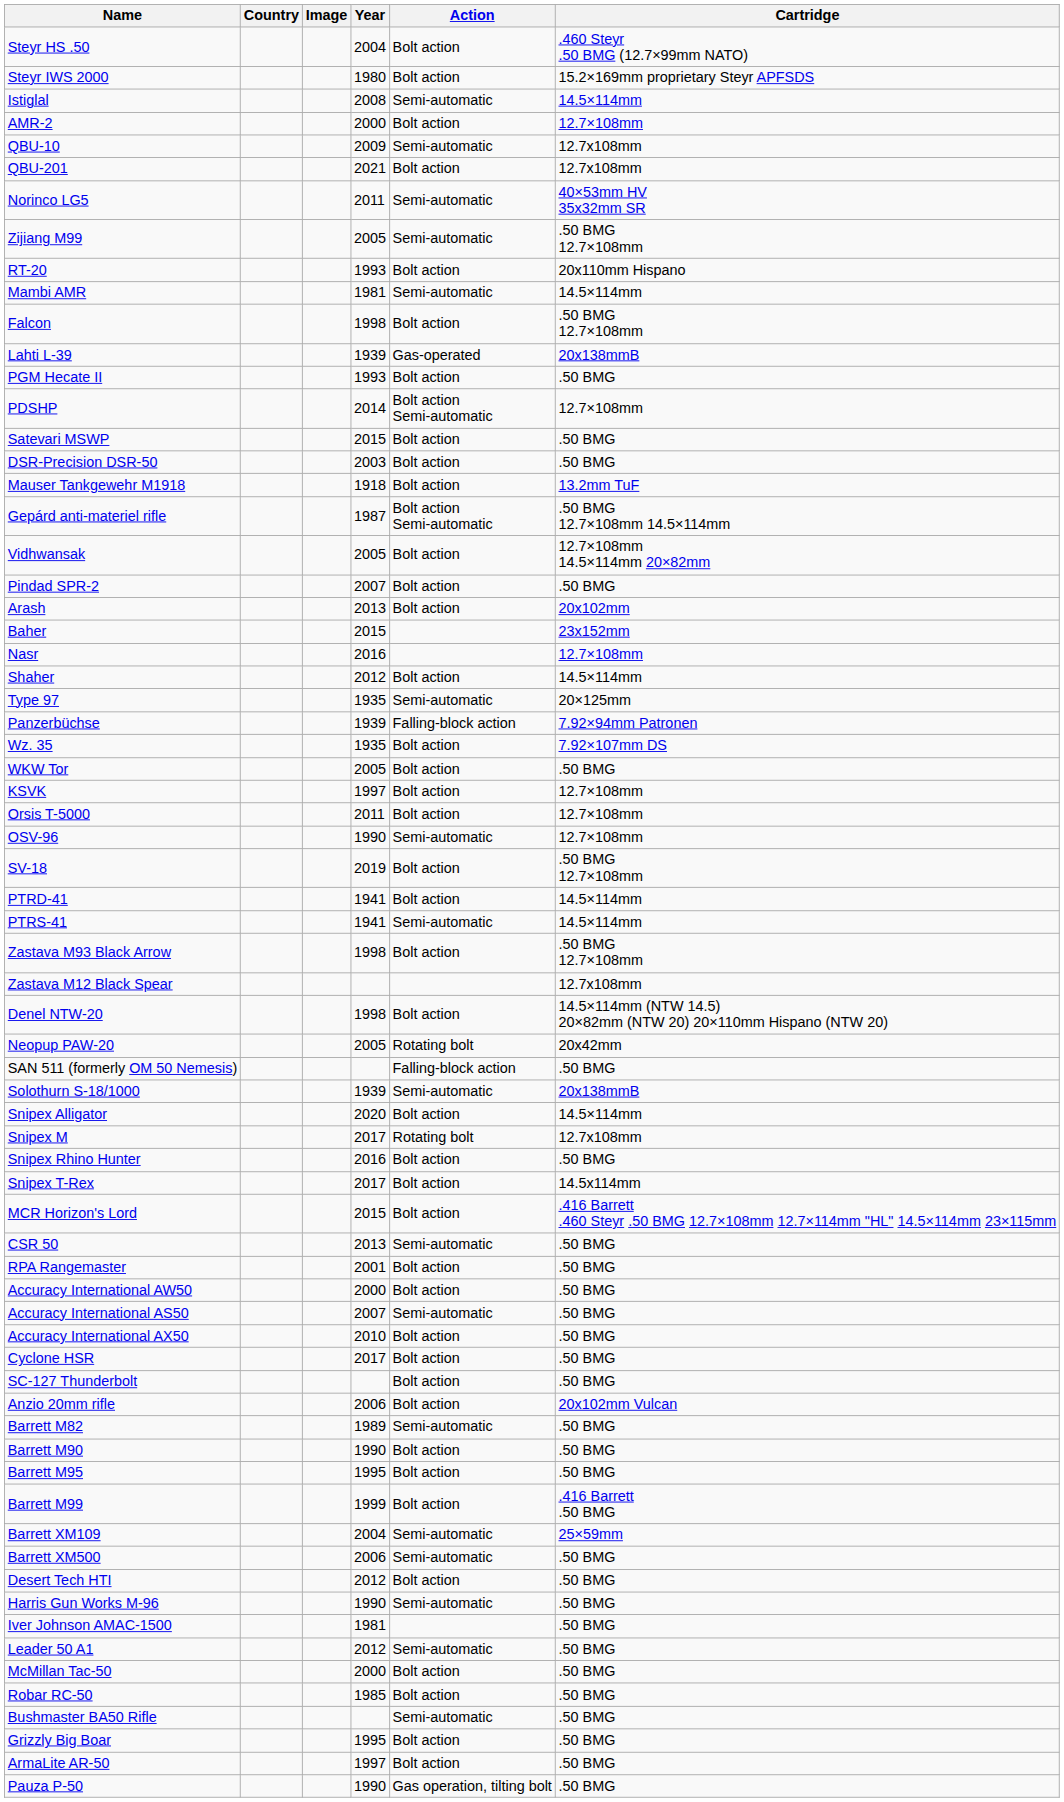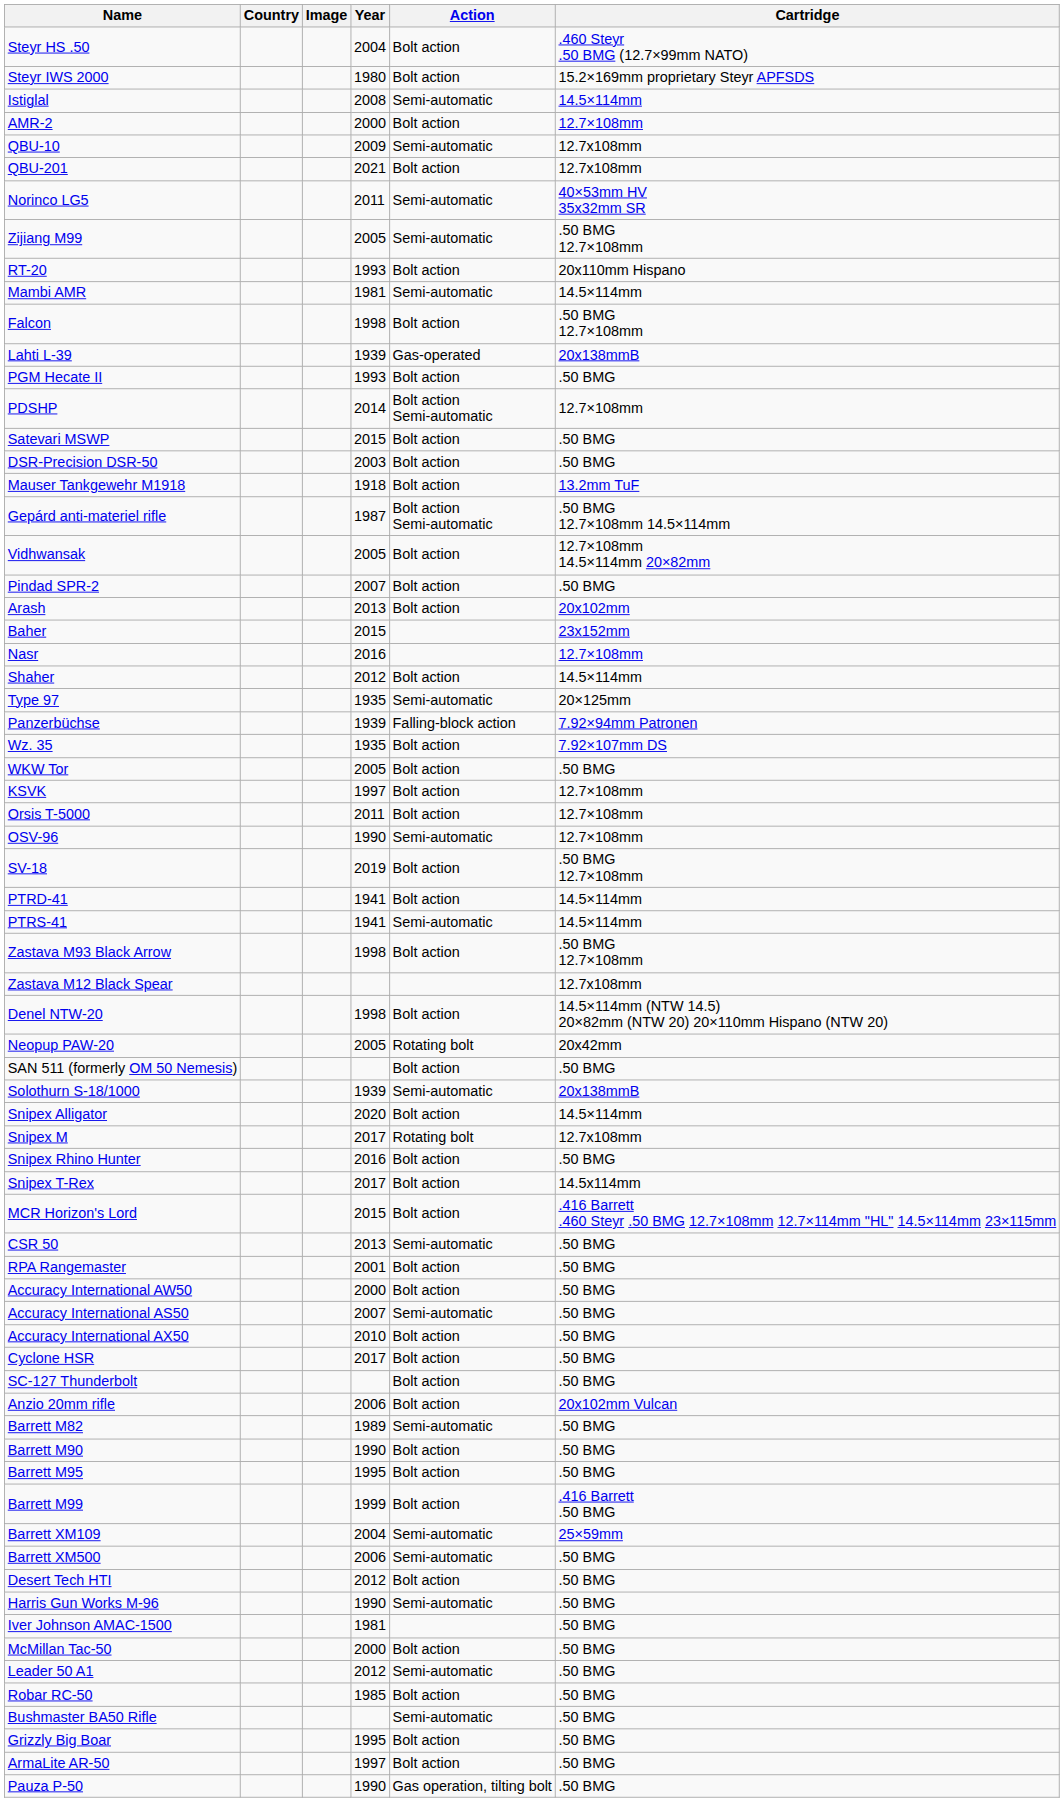 <table class="wikitable sortable">
 <tr>
 <th>Name</th>
 <th>Country</th>
 <th>Image</th>
 <th>Year</th>
 <th><a href='#'>Action</a></th>
 <th>Cartridge</th>
 </tr>
 <tr>
 <td><a href='#'>Steyr HS .50</a></td>
 <td></td>
 <td></td>
 <td>2004</td>
 <td>Bolt action</td>
 <td><a href='#'>.460 Steyr</a><br><a href='#'>.50 BMG</a> (12.7×99mm NATO)</td>
 </tr>
 <tr>
 <td><a href='#'>Steyr IWS 2000</a></td>
 <td></td>
 <td></td>
 <td>1980</td>
 <td>Bolt action</td>
 <td>15.2×169mm proprietary Steyr <a href='#'>APFSDS</a></td>
 </tr>
 <tr>
 <td><a href='#'>Istiglal</a></td>
 <td></td>
 <td></td>
 <td>2008</td>
 <td>Semi-automatic</td>
 <td><a href='#'>14.5×114mm</a></td>
 </tr>
 <tr>
 <td><a href='#'>AMR-2</a></td>
 <td></td>
 <td></td>
 <td>2000</td>
 <td>Bolt action</td>
 <td><a href='#'>12.7×108mm</a></td>
 </tr>
 <tr>
 <td><a href='#'>QBU-10</a></td>
 <td></td>
 <td></td>
 <td>2009</td>
 <td>Semi-automatic</td>
 <td>12.7x108mm</td>
 </tr>
 <tr>
 <td><a href='#'>QBU-201</a></td>
 <td></td>
 <td></td>
 <td>2021</td>
 <td>Bolt action</td>
 <td>12.7x108mm</td>
 </tr>
 <tr>
 <td><a href='#'>Norinco LG5</a></td>
 <td></td>
 <td></td>
 <td>2011</td>
 <td>Semi-automatic</td>
 <td><a href='#'>40×53mm HV</a><br><a href='#'>35x32mm SR</a></td>
 </tr>
 <tr>
 <td><a href='#'>Zijiang M99</a></td>
 <td></td>
 <td></td>
 <td>2005</td>
 <td>Semi-automatic</td>
 <td>.50 BMG<br>12.7×108mm</td>
 </tr>
 <tr>
 <td><a href='#'>RT-20</a></td>
 <td></td>
 <td></td>
 <td>1993</td>
 <td>Bolt action</td>
 <td>20x110mm Hispano</td>
 </tr>
 <tr>
 <td><a href='#'>Mambi AMR</a></td>
 <td></td>
 <td></td>
 <td>1981</td>
 <td>Semi-automatic</td>
 <td>14.5×114mm</td>
 </tr>
 <tr>
 <td><a href='#'>Falcon</a></td>
 <td></td>
 <td></td>
 <td>1998</td>
 <td>Bolt action</td>
 <td>.50 BMG<br>12.7×108mm</td>
 </tr>
 <tr>
 <td><a href='#'>Lahti L-39</a></td>
 <td></td>
 <td></td>
 <td>1939</td>
 <td>Gas-operated</td>
 <td><a href='#'>20x138mmB</a></td>
 </tr>
 <tr>
 <td><a href='#'>PGM Hecate II</a></td>
 <td></td>
 <td></td>
 <td>1993</td>
 <td>Bolt action</td>
 <td>.50 BMG</td>
 </tr>
 <tr>
 <td><a href='#'>PDSHP</a></td>
 <td></td>
 <td></td>
 <td>2014</td>
 <td>Bolt action<br>Semi-automatic</td>
 <td>12.7×108mm</td>
 </tr>
 <tr>
 <td><a href='#'>Satevari MSWP</a></td>
 <td></td>
 <td></td>
 <td>2015</td>
 <td>Bolt action</td>
 <td>.50 BMG</td>
 </tr>
 <tr>
 <td><a href='#'>DSR-Precision DSR-50</a></td>
 <td></td>
 <td></td>
 <td>2003</td>
 <td>Bolt action</td>
 <td>.50 BMG</td>
 </tr>
 <tr>
 <td><a href='#'>Mauser Tankgewehr M1918</a></td>
 <td></td>
 <td></td>
 <td>1918</td>
 <td>Bolt action</td>
 <td><a href='#'>13.2mm TuF</a></td>
 </tr>
 <tr>
 <td><a href='#'>Gepárd anti-materiel rifle</a></td>
 <td></td>
 <td></td>
 <td>1987</td>
 <td>Bolt action<br>Semi-automatic</td>
 <td>.50 BMG<br>12.7×108mm 14.5×114mm</td>
 </tr>
 <tr>
 <td><a href='#'>Vidhwansak</a></td>
 <td></td>
 <td></td>
 <td>2005</td>
 <td>Bolt action</td>
 <td>12.7×108mm<br>14.5×114mm <a href='#'>20×82mm</a></td>
 </tr>
 <tr>
 <td><a href='#'>Pindad SPR-2</a></td>
 <td></td>
 <td></td>
 <td>2007</td>
 <td>Bolt action</td>
 <td>.50 BMG</td>
 </tr>
 <tr>
 <td><a href='#'>Arash</a></td>
 <td></td>
 <td></td>
 <td>2013</td>
 <td>Bolt action</td>
 <td><a href='#'>20x102mm</a></td>
 </tr>
 <tr>
 <td><a href='#'>Baher</a></td>
 <td></td>
 <td></td>
 <td>2015</td>
 <td></td>
 <td><a href='#'>23x152mm</a></td>
 </tr>
 <tr>
 <td><a href='#'>Nasr</a></td>
 <td></td>
 <td></td>
 <td>2016</td>
 <td></td>
 <td><a href='#'>12.7×108mm</a></td>
 </tr>
 <tr>
 <td><a href='#'>Shaher</a></td>
 <td></td>
 <td></td>
 <td>2012</td>
 <td>Bolt action</td>
 <td>14.5×114mm</td>
 </tr>
 <tr>
 <td><a href='#'>Type 97</a></td>
 <td></td>
 <td></td>
 <td>1935</td>
 <td>Semi-automatic</td>
 <td>20×125mm</td>
 </tr>
 <tr>
 <td><a href='#'>Panzerbüchse</a></td>
 <td></td>
 <td></td>
 <td>1939</td>
 <td>Falling-block action</td>
 <td><a href='#'>7.92×94mm Patronen</a></td>
 </tr>
 <tr>
 <td><a href='#'>Wz. 35</a></td>
 <td></td>
 <td></td>
 <td>1935</td>
 <td>Bolt action</td>
 <td><a href='#'>7.92×107mm DS</a></td>
 </tr>
 <tr>
 <td><a href='#'>WKW Tor</a></td>
 <td></td>
 <td></td>
 <td>2005</td>
 <td>Bolt action</td>
 <td>.50 BMG</td>
 </tr>
 <tr>
 <td><a href='#'>KSVK</a></td>
 <td></td>
 <td></td>
 <td>1997</td>
 <td>Bolt action</td>
 <td>12.7×108mm</td>
 </tr>
 <tr>
 <td><a href='#'>Orsis T-5000</a></td>
 <td></td>
 <td></td>
 <td>2011</td>
 <td>Bolt action</td>
 <td>12.7×108mm</td>
 </tr>
 <tr>
 <td><a href='#'>OSV-96</a></td>
 <td></td>
 <td></td>
 <td>1990</td>
 <td>Semi-automatic</td>
 <td>12.7×108mm</td>
 </tr>
 <tr>
 <td><a href='#'>SV-18</a></td>
 <td></td>
 <td></td>
 <td>2019</td>
 <td>Bolt action</td>
 <td>.50 BMG<br>12.7×108mm</td>
 </tr>
 <tr>
 <td><a href='#'>PTRD-41</a></td>
 <td></td>
 <td></td>
 <td>1941</td>
 <td>Bolt action</td>
 <td>14.5×114mm</td>
 </tr>
 <tr>
 <td><a href='#'>PTRS-41</a></td>
 <td></td>
 <td></td>
 <td>1941</td>
 <td>Semi-automatic</td>
 <td>14.5×114mm</td>
 </tr>
 <tr>
 <td><a href='#'>Zastava M93 Black Arrow</a></td>
 <td></td>
 <td></td>
 <td>1998</td>
 <td>Bolt action</td>
 <td>.50 BMG<br>12.7×108mm</td>
 </tr>
 <tr>
 <td><a href='#'>Zastava M12 Black Spear</a></td>
 <td></td>
 <td></td>
 <td></td>
 <td></td>
 <td>12.7x108mm</td>
 </tr>
 <tr>
 <td><a href='#'>Denel NTW-20</a></td>
 <td></td>
 <td></td>
 <td>1998</td>
 <td>Bolt action</td>
 <td>14.5×114mm (NTW 14.5)<br>20×82mm (NTW 20) 20×110mm Hispano (NTW 20)</td>
 </tr>
 <tr>
 <td><a href='#'>Neopup PAW-20</a></td>
 <td></td>
 <td></td>
 <td>2005</td>
 <td>Rotating bolt</td>
 <td>20x42mm</td>
 </tr>
 <tr>
 <td>SAN 511 (formerly <a href='#'>OM 50 Nemesis</a>)</td>
 <td></td>
 <td></td>
 <td></td>
-<td>Falling-block action</td>
+<td>Bolt action</td>
 <td>.50 BMG</td>
 </tr>
 <tr>
 <td><a href='#'>Solothurn S-18/1000</a></td>
 <td></td>
 <td></td>
 <td>1939</td>
 <td>Semi-automatic</td>
 <td><a href='#'>20x138mmB</a></td>
 </tr>
 <tr>
 <td><a href='#'>Snipex Alligator</a></td>
 <td></td>
 <td></td>
 <td>2020</td>
 <td>Bolt action</td>
 <td>14.5×114mm</td>
 </tr>
 <tr>
 <td><a href='#'>Snipex M</a></td>
 <td></td>
 <td></td>
 <td>2017</td>
 <td>Rotating bolt</td>
 <td>12.7x108mm</td>
 </tr>
 <tr>
 <td><a href='#'>Snipex Rhino Hunter</a></td>
 <td></td>
 <td></td>
 <td>2016</td>
 <td>Bolt action</td>
 <td>.50 BMG</td>
 </tr>
 <tr>
 <td><a href='#'>Snipex T-Rex</a></td>
 <td></td>
 <td></td>
 <td>2017</td>
 <td>Bolt action</td>
 <td>14.5x114mm</td>
 </tr>
 <tr>
 <td><a href='#'>MCR Horizon's Lord</a></td>
 <td></td>
 <td></td>
 <td>2015</td>
 <td>Bolt action</td>
 <td><a href='#'>.416 Barrett</a><br><a href='#'>.460 Steyr</a> <a href='#'>.50 BMG</a> <a href='#'>12.7×108mm</a> <a href='#'>12.7×114mm "HL"</a>  <a href='#'>14.5×114mm</a> <a href='#'>23×115mm</a></td>
 </tr>
 <tr>
 <td><a href='#'>CSR 50</a></td>
 <td></td>
 <td></td>
 <td>2013</td>
 <td>Semi-automatic</td>
 <td>.50 BMG</td>
 </tr>
 <tr>
 <td><a href='#'>RPA Rangemaster</a></td>
 <td></td>
 <td></td>
 <td>2001</td>
 <td>Bolt action</td>
 <td>.50 BMG</td>
 </tr>
 <tr>
 <td><a href='#'>Accuracy International AW50</a></td>
 <td></td>
 <td></td>
 <td>2000</td>
 <td>Bolt action</td>
 <td>.50 BMG</td>
 </tr>
 <tr>
 <td><a href='#'>Accuracy International AS50</a></td>
 <td></td>
 <td></td>
 <td>2007</td>
 <td>Semi-automatic</td>
 <td>.50 BMG</td>
 </tr>
 <tr>
 <td><a href='#'>Accuracy International AX50</a></td>
 <td></td>
 <td></td>
 <td>2010</td>
 <td>Bolt action</td>
 <td>.50 BMG</td>
 </tr>
 <tr>
 <td><a href='#'>Cyclone HSR</a></td>
 <td></td>
 <td></td>
 <td>2017</td>
 <td>Bolt action</td>
 <td>.50 BMG</td>
 </tr>
 <tr>
 <td><a href='#'>SC-127 Thunderbolt</a></td>
 <td></td>
 <td></td>
 <td></td>
 <td>Bolt action</td>
 <td>.50 BMG</td>
 </tr>
 <tr>
 <td><a href='#'>Anzio 20mm rifle</a></td>
 <td></td>
 <td></td>
 <td>2006</td>
 <td>Bolt action</td>
 <td><a href='#'>20x102mm Vulcan</a></td>
 </tr>
 <tr>
 <td><a href='#'>Barrett M82</a></td>
 <td></td>
 <td></td>
 <td>1989</td>
 <td>Semi-automatic</td>
 <td>.50 BMG</td>
 </tr>
 <tr>
 <td><a href='#'>Barrett M90</a></td>
 <td></td>
 <td></td>
 <td>1990</td>
 <td>Bolt action</td>
 <td>.50 BMG</td>
 </tr>
 <tr>
 <td><a href='#'>Barrett M95</a></td>
 <td></td>
 <td></td>
 <td>1995</td>
 <td>Bolt action</td>
 <td>.50 BMG</td>
 </tr>
 <tr>
 <td><a href='#'>Barrett M99</a></td>
 <td></td>
 <td></td>
 <td>1999</td>
 <td>Bolt action</td>
 <td><a href='#'>.416 Barrett</a><br>.50 BMG</td>
 </tr>
 <tr>
 <td><a href='#'>Barrett XM109</a></td>
 <td></td>
 <td></td>
 <td>2004</td>
 <td>Semi-automatic</td>
 <td><a href='#'>25×59mm</a></td>
 </tr>
 <tr>
 <td><a href='#'>Barrett XM500</a></td>
 <td></td>
 <td></td>
 <td>2006</td>
 <td>Semi-automatic</td>
 <td>.50 BMG</td>
 </tr>
 <tr>
 <td><a href='#'>Desert Tech HTI</a></td>
 <td></td>
 <td></td>
 <td>2012</td>
 <td>Bolt action</td>
 <td>.50 BMG</td>
 </tr>
 <tr>
 <td><a href='#'>Harris Gun Works M-96</a></td>
 <td></td>
 <td></td>
 <td>1990</td>
 <td>Semi-automatic</td>
 <td>.50 BMG</td>
 </tr>
 <tr>
 <td><a href='#'>Iver Johnson AMAC-1500</a></td>
 <td></td>
 <td></td>
 <td>1981</td>
 <td></td>
 <td>.50 BMG</td>
 </tr>
 <tr>
+<td><a href='#'>McMillan Tac-50</a></td>
+<td></td>
+<td></td>
+<td>2000</td>
+<td>Bolt action</td>
+<td>.50 BMG</td>
+</tr>
+<tr>
 <td><a href='#'>Leader 50 A1</a></td>
 <td></td>
 <td></td>
 <td>2012</td>
 <td>Semi-automatic</td>
-<td>.50 BMG</td>
-</tr>
-<tr>
-<td><a href='#'>McMillan Tac-50</a></td>
-<td></td>
-<td></td>
-<td>2000</td>
-<td>Bolt action</td>
 <td>.50 BMG</td>
 </tr>
 <tr>
 <td><a href='#'>Robar RC-50</a></td>
 <td></td>
 <td></td>
 <td>1985</td>
 <td>Bolt action</td>
 <td>.50 BMG</td>
 </tr>
 <tr>
 <td><a href='#'>Bushmaster BA50 Rifle</a></td>
 <td></td>
 <td></td>
 <td></td>
 <td>Semi-automatic</td>
 <td>.50 BMG</td>
 </tr>
 <tr>
 <td><a href='#'>Grizzly Big Boar</a></td>
 <td></td>
 <td></td>
 <td>1995</td>
 <td>Bolt action</td>
 <td>.50 BMG</td>
 </tr>
 <tr>
 <td><a href='#'>ArmaLite AR-50</a></td>
 <td></td>
 <td></td>
 <td>1997</td>
 <td>Bolt action</td>
 <td>.50 BMG</td>
 </tr>
 <tr>
 <td><a href='#'>Pauza P-50</a></td>
 <td></td>
 <td></td>
 <td>1990</td>
 <td>Gas operation, tilting bolt</td>
 <td>.50 BMG</td>
 </tr>
 </table>
